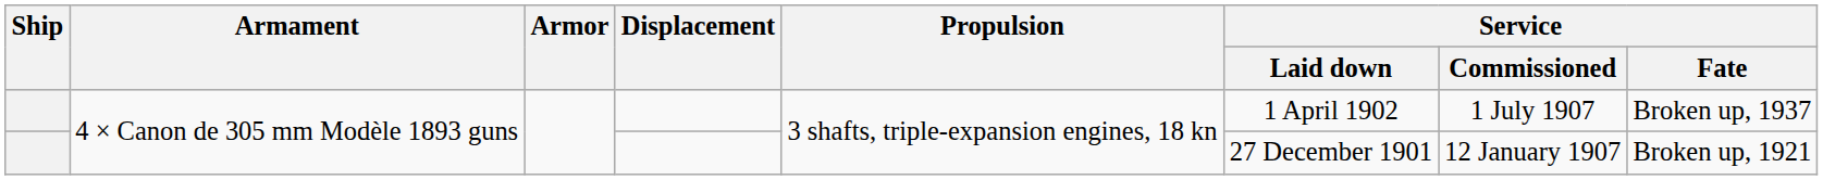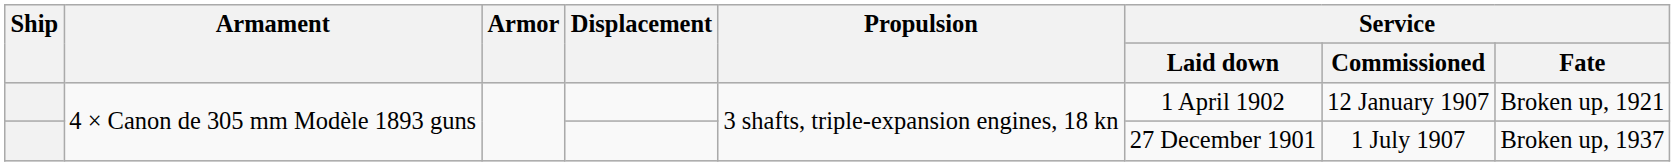 <table class="wikitable plainrowheaders" style="text-align: center;">
 <tr valign="top">
 <th scope="col" rowspan="2">Ship</th>
 <th scope="col" rowspan="2">Armament</th>
 <th scope="col" rowspan="2">Armor</th>
 <th scope="col" rowspan="2">Displacement</th>
 <th scope="col" rowspan="2">Propulsion</th>
 <th scope="col" colspan="3">Service</th>
 </tr>
 <tr valign="top">
 <th scope="col">Laid down</th>
 <th scope="col">Commissioned</th>
 <th scope="col">Fate</th>
 </tr>
 <tr valign="center">
 <th scope="row"></th>
 <td rowspan="2">4 × Canon de 305 mm Modèle 1893 guns</td>
 <td rowspan="2"></td>
 <td></td>
 <td rowspan="2">3 shafts, triple-expansion engines, 18 kn</td>
 <td>1 April 1902</td>
-<td>1 July 1907</td>
-<td>Broken up, 1937</td>
+<td>12 January 1907</td>
+<td>Broken up, 1921</td>
 </tr>
 <tr valign="center">
 <th scope="row"></th>
 <td></td>
 <td>27 December 1901</td>
-<td>12 January 1907</td>
-<td>Broken up, 1921</td>
+<td>1 July 1907</td>
+<td>Broken up, 1937</td>
 </tr>
 </table>
